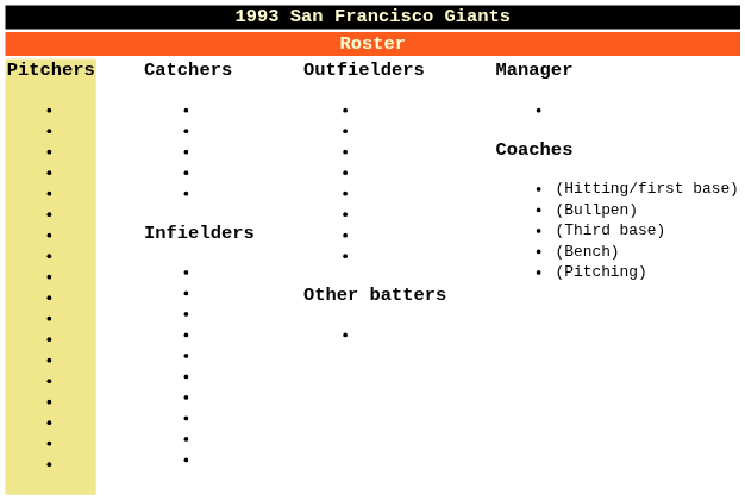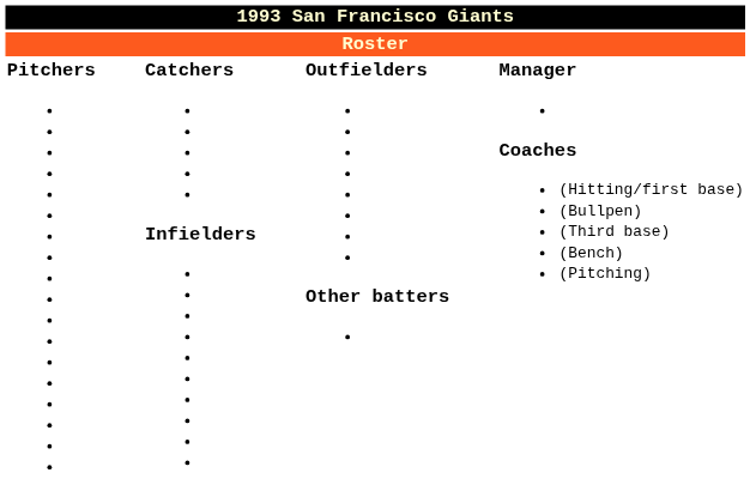 <table class="toccolours" style="font-size: 95%;">
 <tr>
 <th colspan="10" style="background-color: black; color: #FFFDD0; text-align: center;">1993 San Francisco Giants</th>
 </tr>
 <tr>
 <td colspan="10" style="background-color: #fd5a1e; color: #FFFDD0; text-align: center;"><strong>Roster</strong></td>
 </tr>
 <tr>
-<td valign="top" style="background: khaki;"><strong>Pitchers</strong><br><ul><li></li><li></li><li></li><li></li><li></li><li></li><li></li><li></li><li></li><li></li><li></li><li></li><li></li><li></li><li></li><li></li><li></li><li></li></ul></td>
+<td valign="top"><strong>Pitchers</strong><br><ul><li></li><li></li><li></li><li></li><li></li><li></li><li></li><li></li><li></li><li></li><li></li><li></li><li></li><li></li><li></li><li></li><li></li><li></li></ul></td>
 <td width="25px"></td>
 <td valign="top"><strong>Catchers</strong><br><ul><li></li><li></li><li></li><li></li><li></li></ul><strong>Infielders</strong><ul><li></li><li></li><li></li><li></li><li></li><li></li><li></li><li></li><li></li><li></li></ul></td>
 <td width="25px"></td>
 <td valign="top"><strong>Outfielders</strong><br><ul><li></li><li></li><li></li><li></li><li></li><li></li><li></li><li></li></ul><strong>Other batters</strong><ul><li></li></ul></td>
 <td width="25px"></td>
 <td valign="top"><strong>Manager</strong><br><ul><li></li></ul><strong>Coaches</strong><ul><li> <small>(Hitting/first base)</small></li><li> <small>(Bullpen)</small></li><li> <small>(Third base)</small></li><li> <small>(Bench)</small></li><li> <small>(Pitching)</small></li></ul></td>
 </tr>
 <tr>
 </tr>
 </table>
